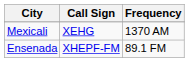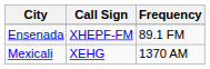 <table class="wikitable">
 <tr>
 <th>City</th>
 <th>Call Sign</th>
 <th>Frequency</th>
 </tr>
 <tr>
 </tr>
 <tr>
+<td><a href='#'>Ensenada</a></td>
+<td><a href='#'>XHEPF-FM</a></td>
+<td>89.1 FM</td>
+</tr>
+<tr>
 <td><a href='#'>Mexicali</a></td>
 <td><a href='#'>XEHG</a></td>
 <td>1370 AM</td>
 </tr>
-<tr>
-<td><a href='#'>Ensenada</a></td>
-<td><a href='#'>XHEPF-FM</a></td>
-<td>89.1 FM</td>
-</tr>
 </table>
